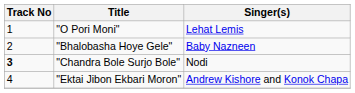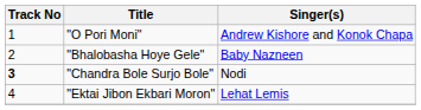 <table class="wikitable">
 <tr>
 <th>Track No</th>
 <th>Title</th>
 <th>Singer(s)</th>
 </tr>
 <tr>
 <td>1</td>
 <td>"O Pori Moni"</td>
-<td><a href='#'>Lehat Lemis</a></td>
+<td><a href='#'>Andrew Kishore</a> and <a href='#'>Konok Chapa</a></td>
 </tr>
 <tr>
 <td>2</td>
 <td>"Bhalobasha Hoye Gele"</td>
 <td><a href='#'>Baby Nazneen</a></td>
 </tr>
 <tr>
 <td><strong>3</strong></td>
 <td>"Chandra Bole Surjo Bole"</td>
 <td>Nodi</td>
 </tr>
 <tr>
 <td>4</td>
 <td>"Ektai Jibon Ekbari Moron"</td>
-<td><a href='#'>Andrew Kishore</a> and <a href='#'>Konok Chapa</a></td>
+<td><a href='#'>Lehat Lemis</a></td>
 </tr>
 <tr>
 </tr>
 </table>
